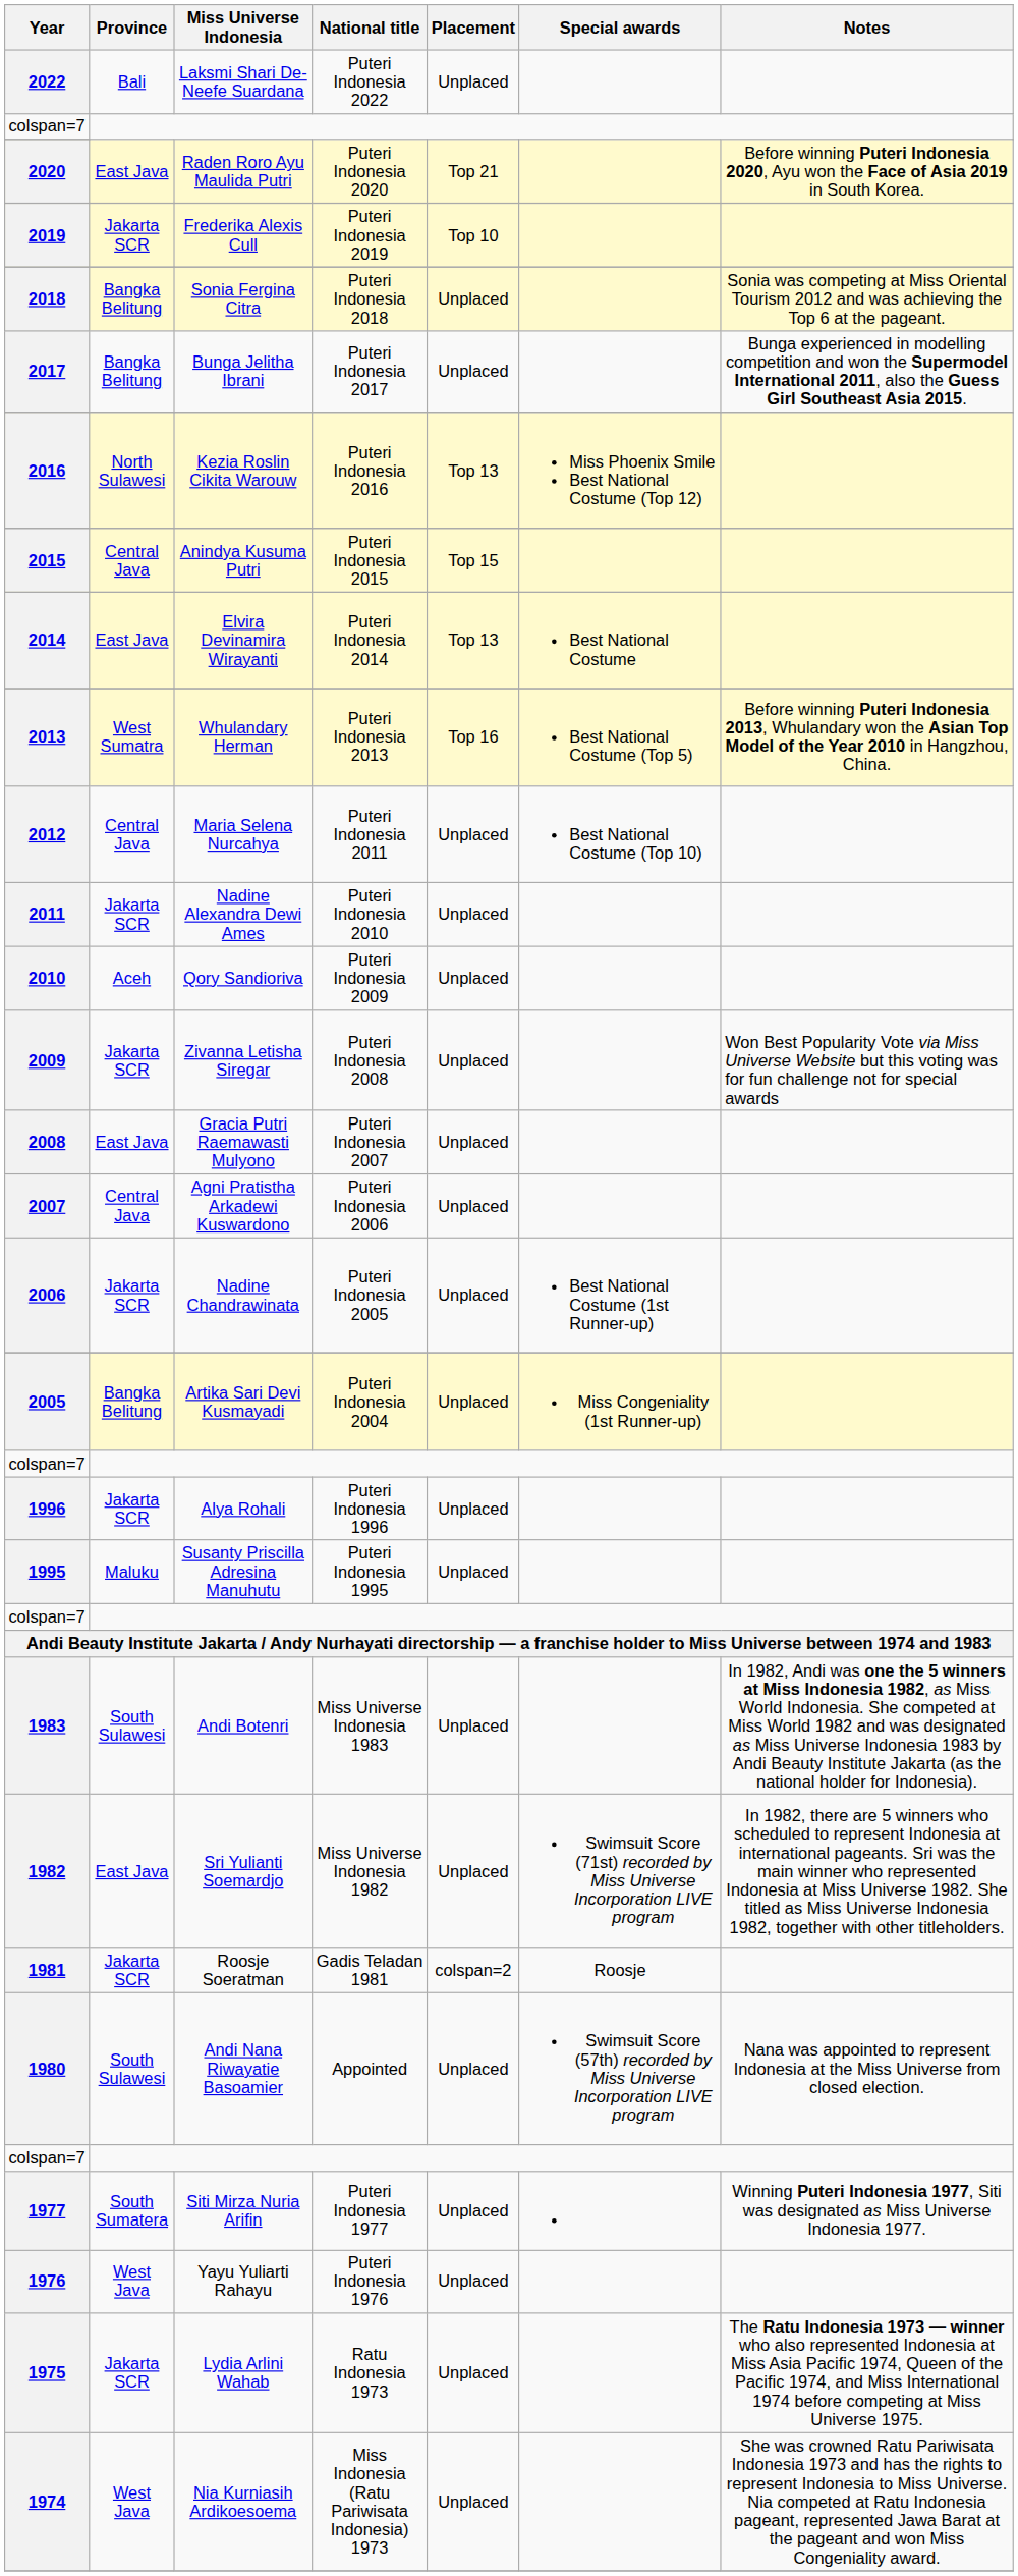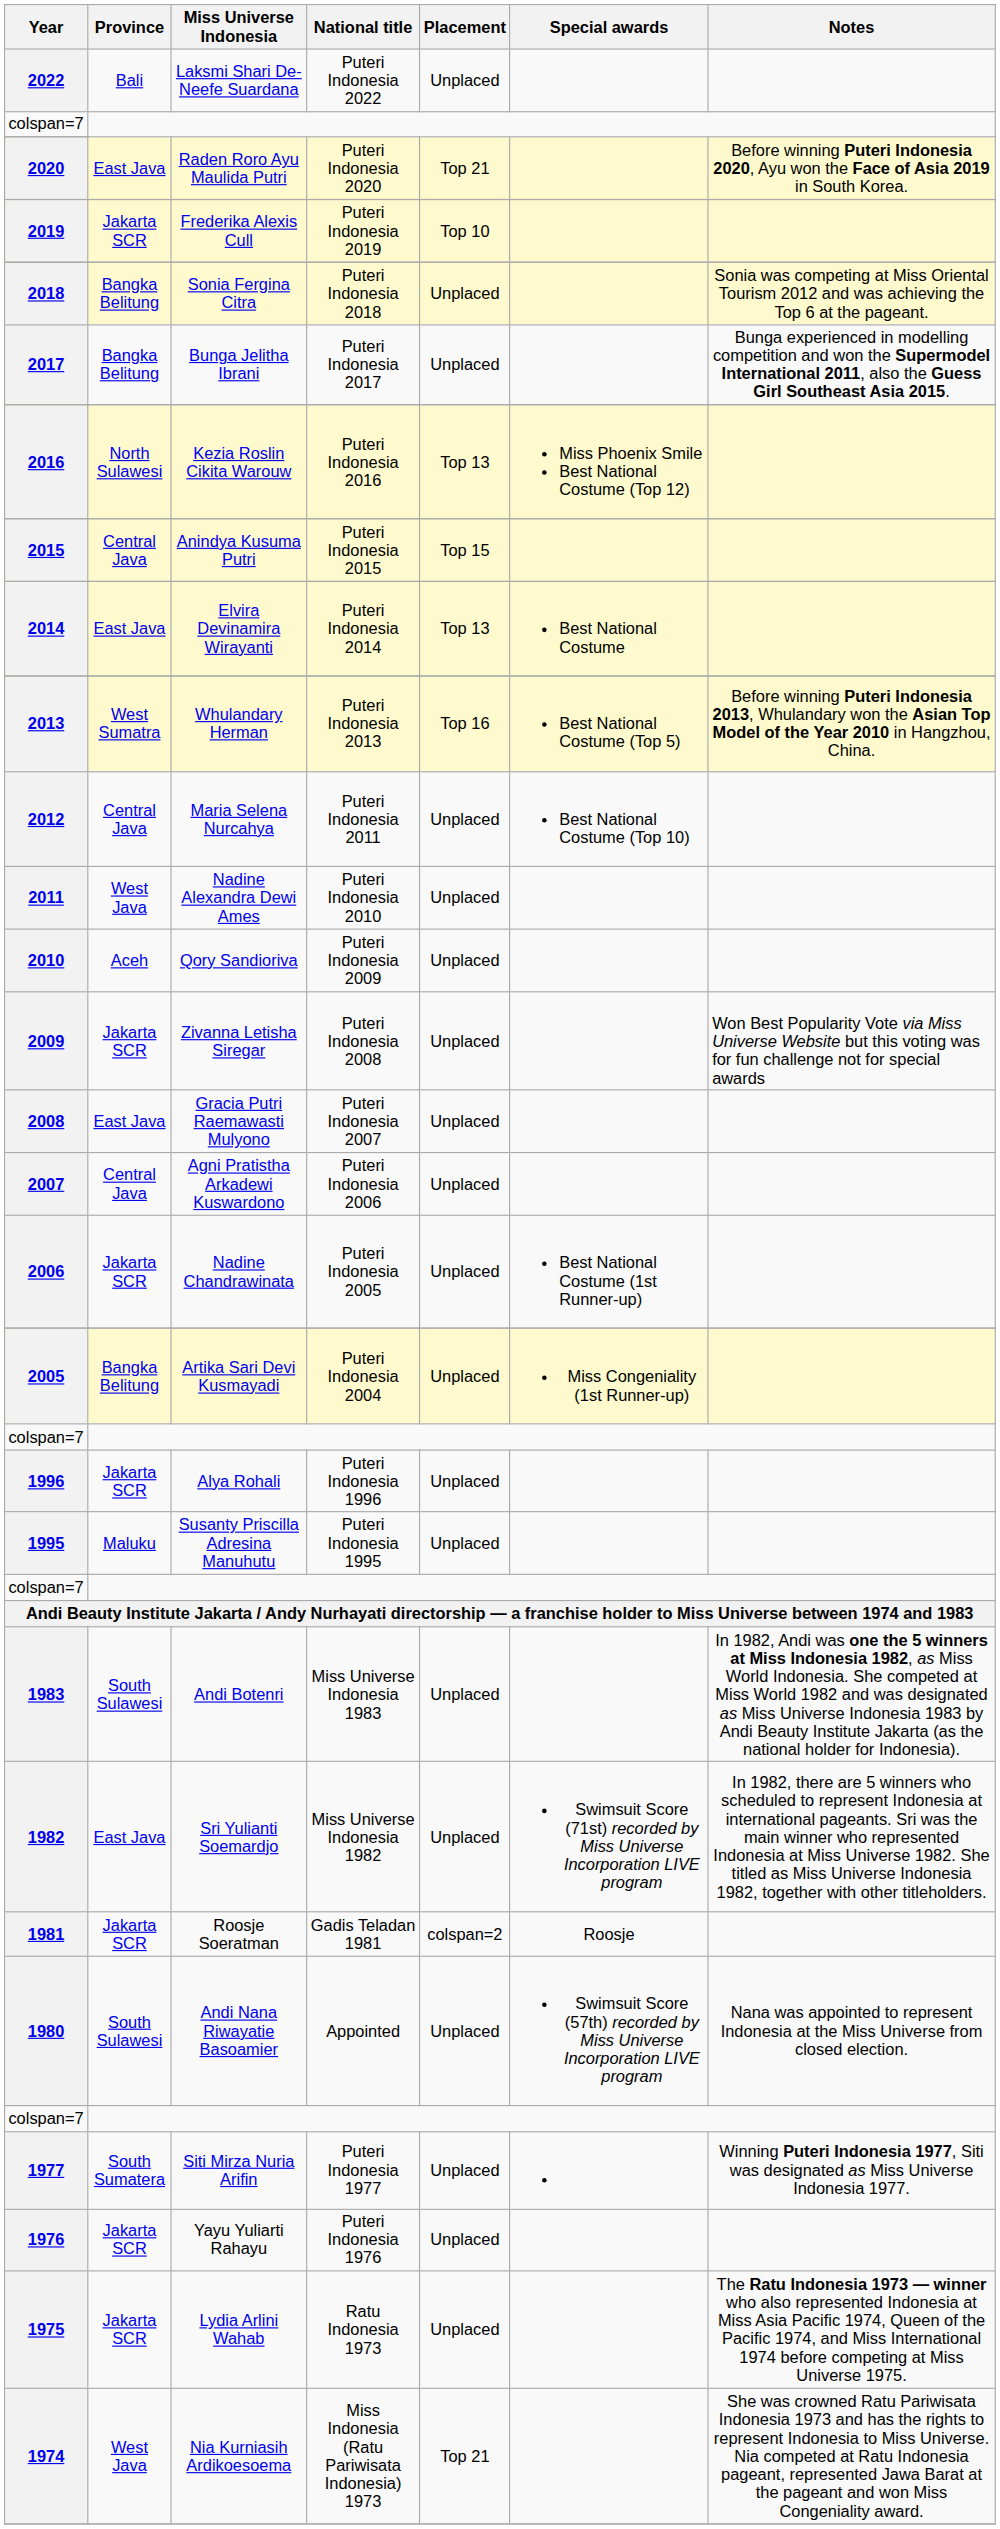 <table class="wikitable " style="font-size: 90%; text-align:center;">
 <tr>
 <th>Year</th>
 <th>Province</th>
 <th>Miss Universe Indonesia</th>
 <th>National title</th>
 <th>Placement</th>
 <th>Special awards</th>
 <th>Notes</th>
 </tr>
 <tr>
 <th><a href='#'>2022</a></th>
 <td><a href='#'>Bali</a></td>
 <td><a href='#'>Laksmi Shari De-Neefe Suardana</a></td>
 <td>Puteri Indonesia 2022</td>
 <td>Unplaced</td>
 <td></td>
 <td></td>
 </tr>
 <tr>
 <td>colspan=7 </td>
 </tr>
 <tr>
 </tr>
 <tr style="background-color:#FFFACD; ">
 <th><a href='#'>2020</a></th>
 <td><a href='#'>East Java</a></td>
 <td><a href='#'>Raden Roro Ayu Maulida Putri</a></td>
 <td>Puteri Indonesia 2020</td>
 <td>Top 21</td>
 <td></td>
 <td>Before winning <strong>Puteri Indonesia 2020</strong>, Ayu won the <strong>Face of Asia 2019</strong> in South Korea.</td>
 </tr>
 <tr>
 </tr>
 <tr style="background-color:#FFFACD; ">
 <th><a href='#'>2019</a></th>
 <td><a href='#'>Jakarta SCR</a></td>
 <td><a href='#'>Frederika Alexis Cull</a></td>
 <td>Puteri Indonesia 2019</td>
 <td>Top 10</td>
 <td></td>
 <td></td>
 </tr>
 <tr>
 </tr>
 <tr style="background-color:#FFFACD; ">
 <th><a href='#'>2018</a></th>
 <td><a href='#'>Bangka Belitung</a></td>
 <td><a href='#'>Sonia Fergina Citra</a></td>
 <td>Puteri Indonesia 2018</td>
 <td>Unplaced</td>
 <td></td>
 <td>Sonia was competing at Miss Oriental Tourism 2012 and was achieving the Top 6 at the pageant.</td>
 </tr>
 <tr>
 <th><a href='#'>2017</a></th>
 <td><a href='#'>Bangka Belitung</a></td>
 <td><a href='#'>Bunga Jelitha Ibrani</a></td>
 <td>Puteri Indonesia 2017</td>
 <td>Unplaced</td>
 <td></td>
 <td>Bunga experienced in modelling competition and won the <strong>Supermodel International 2011</strong>, also the <strong>Guess Girl Southeast Asia 2015</strong>.</td>
 </tr>
 <tr>
 </tr>
 <tr style="background-color:#FFFACD; ">
 <th><a href='#'>2016</a></th>
 <td><a href='#'>North Sulawesi</a></td>
 <td><a href='#'>Kezia Roslin Cikita Warouw</a></td>
 <td>Puteri Indonesia 2016</td>
 <td>Top 13</td>
 <td align="left"><br><ul><li>Miss Phoenix Smile</li><li>Best National Costume (Top 12)</li></ul></td>
 <td></td>
 </tr>
 <tr>
 </tr>
 <tr style="background-color:#FFFACD; ">
 <th><a href='#'>2015</a></th>
 <td><a href='#'>Central Java</a></td>
 <td><a href='#'>Anindya Kusuma Putri</a></td>
 <td>Puteri Indonesia 2015</td>
 <td>Top 15</td>
 <td></td>
 <td></td>
 </tr>
 <tr>
 </tr>
 <tr style="background-color:#FFFACD; ">
 <th><a href='#'>2014</a></th>
 <td><a href='#'>East Java</a></td>
 <td><a href='#'>Elvira Devinamira Wirayanti</a></td>
 <td>Puteri Indonesia 2014</td>
 <td>Top 13</td>
 <td align="left"><br><ul><li>Best National Costume</li></ul></td>
 <td></td>
 </tr>
 <tr>
 </tr>
 <tr style="background-color:#FFFACD; ">
 <th><a href='#'>2013</a></th>
 <td><a href='#'>West Sumatra</a></td>
 <td><a href='#'>Whulandary Herman</a></td>
 <td>Puteri Indonesia 2013</td>
 <td>Top 16</td>
 <td align="left"><br><ul><li>Best National Costume (Top 5)</li></ul></td>
 <td>Before winning <strong>Puteri Indonesia 2013</strong>, Whulandary won the <strong>Asian Top Model of the Year 2010</strong> in Hangzhou, China.</td>
 </tr>
 <tr>
 <th><a href='#'>2012</a></th>
 <td><a href='#'>Central Java</a></td>
 <td><a href='#'>Maria Selena Nurcahya</a></td>
 <td>Puteri Indonesia 2011</td>
 <td>Unplaced</td>
 <td align="left"><br><ul><li>Best National Costume (Top 10)</li></ul></td>
 <td></td>
 </tr>
 <tr>
 <th><a href='#'>2011</a></th>
-<td><a href='#'>Jakarta SCR</a></td>
+<td><a href='#'>West Java</a></td>
 <td><a href='#'>Nadine Alexandra Dewi Ames</a></td>
 <td>Puteri Indonesia 2010</td>
 <td>Unplaced</td>
 <td></td>
 <td></td>
 </tr>
 <tr>
 <th><a href='#'>2010</a></th>
 <td><a href='#'>Aceh</a></td>
 <td><a href='#'>Qory Sandioriva</a></td>
 <td>Puteri Indonesia 2009</td>
 <td>Unplaced</td>
 <td></td>
 <td></td>
 </tr>
 <tr>
 <th><a href='#'>2009</a></th>
 <td><a href='#'>Jakarta SCR</a></td>
 <td><a href='#'>Zivanna Letisha Siregar</a></td>
 <td>Puteri Indonesia 2008</td>
 <td>Unplaced</td>
 <td></td>
 <td align="left"><br>Won Best Popularity Vote <em>via Miss Universe Website</em> but this voting was for fun challenge not for special awards</td>
 </tr>
 <tr>
 <th><a href='#'>2008</a></th>
 <td><a href='#'>East Java</a></td>
 <td><a href='#'>Gracia Putri Raemawasti Mulyono</a></td>
 <td>Puteri Indonesia 2007</td>
 <td>Unplaced</td>
 <td></td>
 <td></td>
 </tr>
 <tr>
 <th><a href='#'>2007</a></th>
 <td><a href='#'>Central Java</a></td>
 <td><a href='#'>Agni Pratistha Arkadewi Kuswardono</a></td>
 <td>Puteri Indonesia 2006</td>
 <td>Unplaced</td>
 <td></td>
 <td></td>
 </tr>
 <tr>
 <th><a href='#'>2006</a></th>
 <td><a href='#'>Jakarta SCR</a></td>
 <td><a href='#'>Nadine Chandrawinata</a></td>
 <td>Puteri Indonesia 2005</td>
 <td>Unplaced</td>
 <td align="left"><br><ul><li>Best National Costume (1st Runner-up)</li></ul></td>
 <td></td>
 </tr>
 <tr>
 </tr>
 <tr style="background-color:#FFFACD; ">
 <th><a href='#'>2005</a></th>
 <td><a href='#'>Bangka Belitung</a></td>
 <td><a href='#'>Artika Sari Devi Kusmayadi</a></td>
 <td>Puteri Indonesia 2004</td>
 <td>Unplaced</td>
 <td><br><ul><li>Miss Congeniality (1st Runner-up)</li></ul></td>
 <td></td>
 </tr>
 <tr>
 <td>colspan=7 </td>
 </tr>
 <tr>
 <th><a href='#'>1996</a></th>
 <td><a href='#'>Jakarta SCR</a></td>
 <td><a href='#'>Alya Rohali</a></td>
 <td>Puteri Indonesia 1996</td>
 <td>Unplaced</td>
 <td></td>
 <td></td>
 </tr>
 <tr>
 <th><a href='#'>1995</a></th>
 <td><a href='#'>Maluku</a></td>
 <td><a href='#'>Susanty Priscilla Adresina Manuhutu</a></td>
 <td>Puteri Indonesia 1995</td>
 <td>Unplaced</td>
 <td></td>
 <td></td>
 </tr>
 <tr>
 <td>colspan=7 </td>
 </tr>
 <tr>
 <th colspan="7">Andi Beauty Institute Jakarta / Andy Nurhayati directorship — a franchise holder to Miss Universe between 1974 and 1983</th>
 </tr>
 <tr>
 <th><a href='#'>1983</a></th>
 <td><a href='#'>South Sulawesi</a></td>
 <td><a href='#'>Andi Botenri</a></td>
 <td>Miss Universe Indonesia 1983</td>
 <td>Unplaced</td>
 <td></td>
 <td>In 1982, Andi was <strong>one the 5 winners at Miss Indonesia 1982</strong>, <em>as</em> Miss World Indonesia. She competed at Miss World 1982 and was designated <em>as</em> Miss Universe Indonesia 1983 by Andi Beauty Institute Jakarta (as the national holder for Indonesia).</td>
 </tr>
 <tr>
 <th><a href='#'>1982</a></th>
 <td><a href='#'>East Java</a></td>
 <td><a href='#'>Sri Yulianti Soemardjo</a></td>
 <td>Miss Universe Indonesia 1982</td>
 <td>Unplaced</td>
 <td><br><ul><li>Swimsuit Score (71st) <em>recorded by Miss Universe Incorporation LIVE program</em></li></ul></td>
 <td>In 1982, there are 5 winners who scheduled to represent Indonesia at international pageants. Sri was the main winner who represented Indonesia at Miss Universe 1982. She titled as Miss Universe Indonesia 1982, together with other titleholders.</td>
 </tr>
 <tr>
 <th><a href='#'>1981</a></th>
 <td><a href='#'>Jakarta SCR</a></td>
 <td>Roosje Soeratman</td>
 <td>Gadis Teladan 1981</td>
 <td>colspan=2 </td>
 <td>Roosje</td>
 </tr>
 <tr>
 <th><a href='#'>1980</a></th>
 <td><a href='#'>South Sulawesi</a></td>
 <td><a href='#'>Andi Nana Riwayatie Basoamier</a></td>
 <td>Appointed</td>
 <td>Unplaced</td>
 <td><br><ul><li>Swimsuit Score (57th) <em>recorded by Miss Universe Incorporation LIVE program</em></li></ul></td>
 <td>Nana was appointed to represent Indonesia at the Miss Universe from closed election.</td>
 </tr>
 <tr>
 <td>colspan=7 </td>
 </tr>
 <tr>
 <th><a href='#'>1977</a></th>
 <td><a href='#'>South Sumatera</a></td>
 <td><a href='#'>Siti Mirza Nuria Arifin</a></td>
 <td>Puteri Indonesia 1977</td>
 <td>Unplaced</td>
 <td><br><ul><li></li></ul></td>
 <td>Winning <strong>Puteri Indonesia 1977</strong>, Siti was designated <em>as</em> Miss Universe Indonesia 1977.</td>
 </tr>
 <tr>
 <th><a href='#'>1976</a></th>
-<td><a href='#'>West Java</a></td>
+<td><a href='#'>Jakarta SCR</a></td>
 <td>Yayu Yuliarti Rahayu</td>
 <td>Puteri Indonesia 1976</td>
 <td>Unplaced</td>
 <td></td>
 <td></td>
 </tr>
 <tr>
 <th><a href='#'>1975</a></th>
 <td><a href='#'>Jakarta SCR</a></td>
 <td><a href='#'>Lydia Arlini Wahab</a></td>
 <td>Ratu Indonesia 1973</td>
 <td>Unplaced</td>
 <td></td>
 <td>The <strong>Ratu Indonesia 1973 — winner</strong> who also represented Indonesia at Miss Asia Pacific 1974, Queen of the Pacific 1974, and Miss International 1974 before competing at Miss Universe 1975.</td>
 </tr>
 <tr>
 <th><a href='#'>1974</a></th>
 <td><a href='#'>West Java</a></td>
 <td><a href='#'>Nia Kurniasih Ardikoesoema</a></td>
 <td>Miss Indonesia (Ratu Pariwisata Indonesia) 1973</td>
-<td>Unplaced</td>
+<td>Top 21</td>
 <td></td>
 <td>She was crowned Ratu Pariwisata Indonesia 1973 and has the rights to represent Indonesia to Miss Universe. Nia competed at Ratu Indonesia pageant, represented Jawa Barat at the pageant and won Miss Congeniality award.</td>
 </tr>
 <tr>
 </tr>
 </table>
